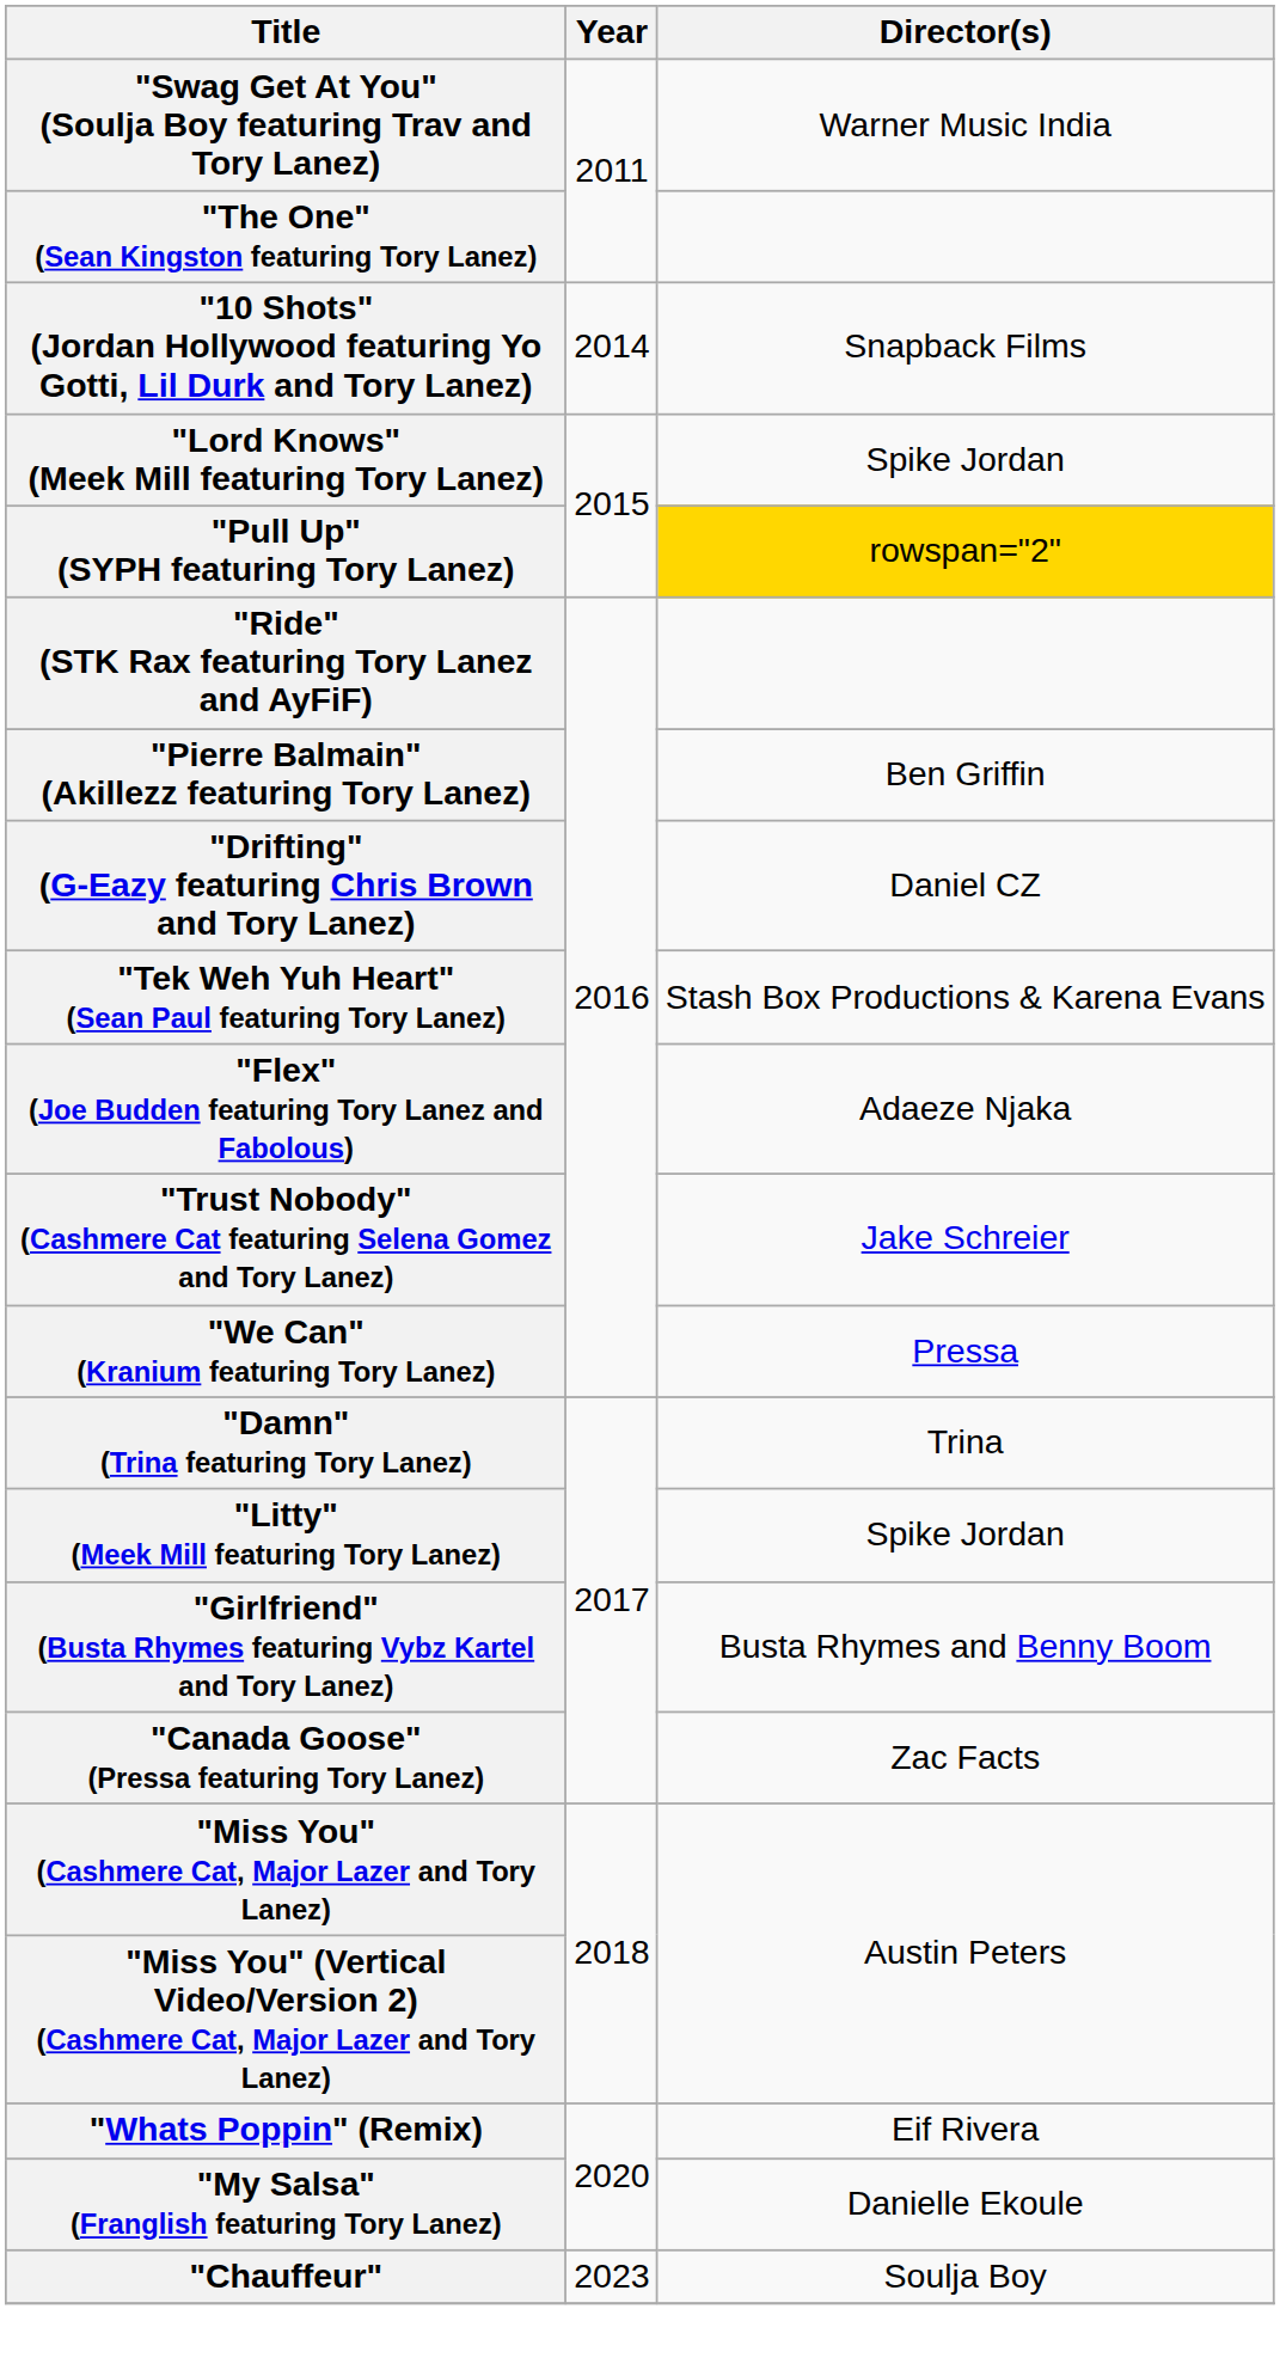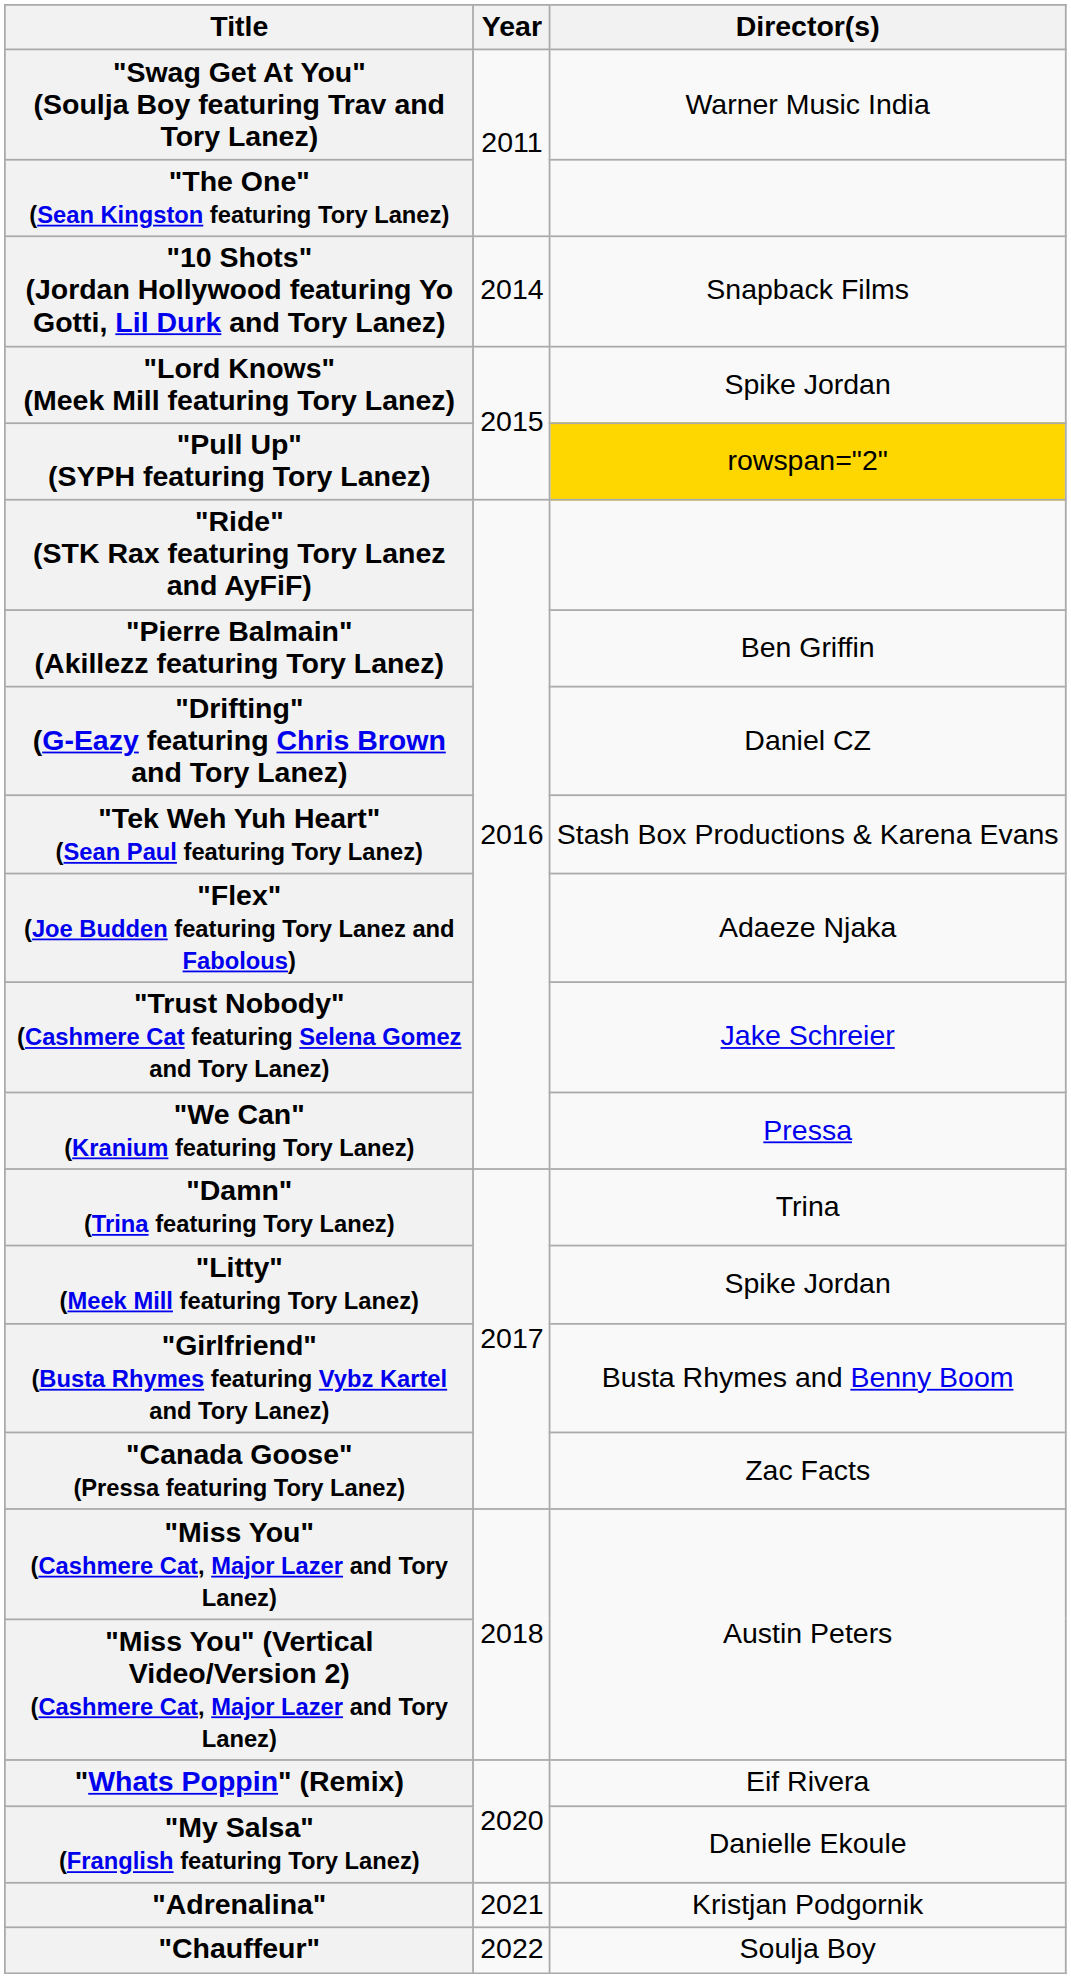 <table class="wikitable plainrowheaders" style="text-align:center;">
 <tr>
 <th scope="col" style="width:16em;">Title</th>
 <th scope="col">Year</th>
 <th scope="col">Director(s)</th>
 </tr>
 <tr>
 <th scope="row">"Swag Get At You"<br><span>(Soulja Boy featuring Trav and Tory Lanez)</span></th>
 <td rowspan="2">2011</td>
 <td>Warner Music India</td>
 </tr>
 <tr>
 <th scope="row">"The One"<br><small>(<a href='#'>Sean Kingston</a> featuring Tory Lanez)</small></th>
 <td></td>
 </tr>
 <tr>
 <th scope="row">"10 Shots"<br><span>(Jordan Hollywood featuring Yo Gotti, <a href='#'>Lil Durk</a> and Tory Lanez)</span></th>
 <td>2014</td>
 <td>Snapback Films</td>
 </tr>
 <tr>
 <th scope="row">"Lord Knows"<br><span>(Meek Mill featuring Tory Lanez)</span></th>
 <td rowspan="2">2015</td>
 <td>Spike Jordan</td>
 </tr>
 <tr>
 <th scope="row">"Pull Up"<br><span>(SYPH featuring Tory Lanez)</span></th>
 <td style="background: gold;">rowspan="2" </td>
 </tr>
 <tr>
 <th scope="row">"Ride"<br><span>(STK Rax featuring Tory Lanez and AyFiF)</span></th>
 <td rowspan="7">2016</td>
 </tr>
 <tr>
 <th scope="row">"Pierre Balmain"<br><span>(Akillezz featuring Tory Lanez)</span></th>
 <td>Ben Griffin</td>
 </tr>
 <tr>
 <th scope="row">"Drifting"<br><span>(<a href='#'>G-Eazy</a> featuring <a href='#'>Chris Brown</a> and Tory Lanez)</span></th>
 <td>Daniel CZ</td>
 </tr>
 <tr>
 <th scope="row">"Tek Weh Yuh Heart"<br><small>(<a href='#'>Sean Paul</a> featuring Tory Lanez)</small></th>
 <td>Stash Box Productions & Karena Evans</td>
 </tr>
 <tr>
 <th scope="row">"Flex"<br><small>(<a href='#'>Joe Budden</a> featuring Tory Lanez and <a href='#'>Fabolous</a>)</small></th>
 <td>Adaeze Njaka</td>
 </tr>
 <tr>
 <th scope="row">"Trust Nobody"<br><small>(<a href='#'>Cashmere Cat</a> featuring <a href='#'>Selena Gomez</a> and Tory Lanez)</small></th>
 <td><a href='#'>Jake Schreier</a></td>
 </tr>
 <tr>
 <th scope="row">"We Can"<br><small>(<a href='#'>Kranium</a> featuring Tory Lanez)</small></th>
 <td><a href='#'>Pressa</a></td>
 </tr>
 <tr>
 <th scope="row">"Damn"<br><small>(<a href='#'>Trina</a> featuring Tory Lanez)</small></th>
 <td rowspan="4">2017</td>
 <td>Trina</td>
 </tr>
 <tr>
 <th scope="row">"Litty"<br><small>(<a href='#'>Meek Mill</a> featuring Tory Lanez)</small></th>
 <td>Spike Jordan</td>
 </tr>
 <tr>
 <th scope="row">"Girlfriend"<br><small>(<a href='#'>Busta Rhymes</a> featuring <a href='#'>Vybz Kartel</a> and Tory Lanez)</small></th>
 <td>Busta Rhymes and <a href='#'>Benny Boom</a></td>
 </tr>
 <tr>
 <th scope="row">"Canada Goose"<br><small>(Pressa featuring Tory Lanez)</small></th>
 <td>Zac Facts</td>
 </tr>
 <tr>
 <th scope="row">"Miss You"<br><small>(<a href='#'>Cashmere Cat</a>, <a href='#'>Major Lazer</a> and Tory Lanez)</small></th>
 <td rowspan="2">2018</td>
 <td rowspan="2">Austin Peters</td>
 </tr>
 <tr>
 <th scope="row">"Miss You" (Vertical Video/Version 2)<br><small>(<a href='#'>Cashmere Cat</a>, <a href='#'>Major Lazer</a> and Tory Lanez)</small></th>
 </tr>
 <tr>
 <th scope="row">"<a href='#'>Whats Poppin</a>" (Remix)<br></th>
 <td rowspan="2">2020</td>
 <td>Eif Rivera</td>
 </tr>
 <tr>
 <th scope="row">"My Salsa"<br><small>(<a href='#'>Franglish</a> featuring Tory Lanez)</small></th>
 <td>Danielle Ekoule</td>
 </tr>
 <tr>
+<th scope="row">"Adrenalina"<br></th>
+<td>2021</td>
+<td>Kristjan Podgornik</td>
+</tr>
+<tr>
 <th scope="row">"Chauffeur"<br></th>
-<td>2023</td>
+<td>2022</td>
 <td>Soulja Boy</td>
 </tr>
 <tr>
 </tr>
 </table>
